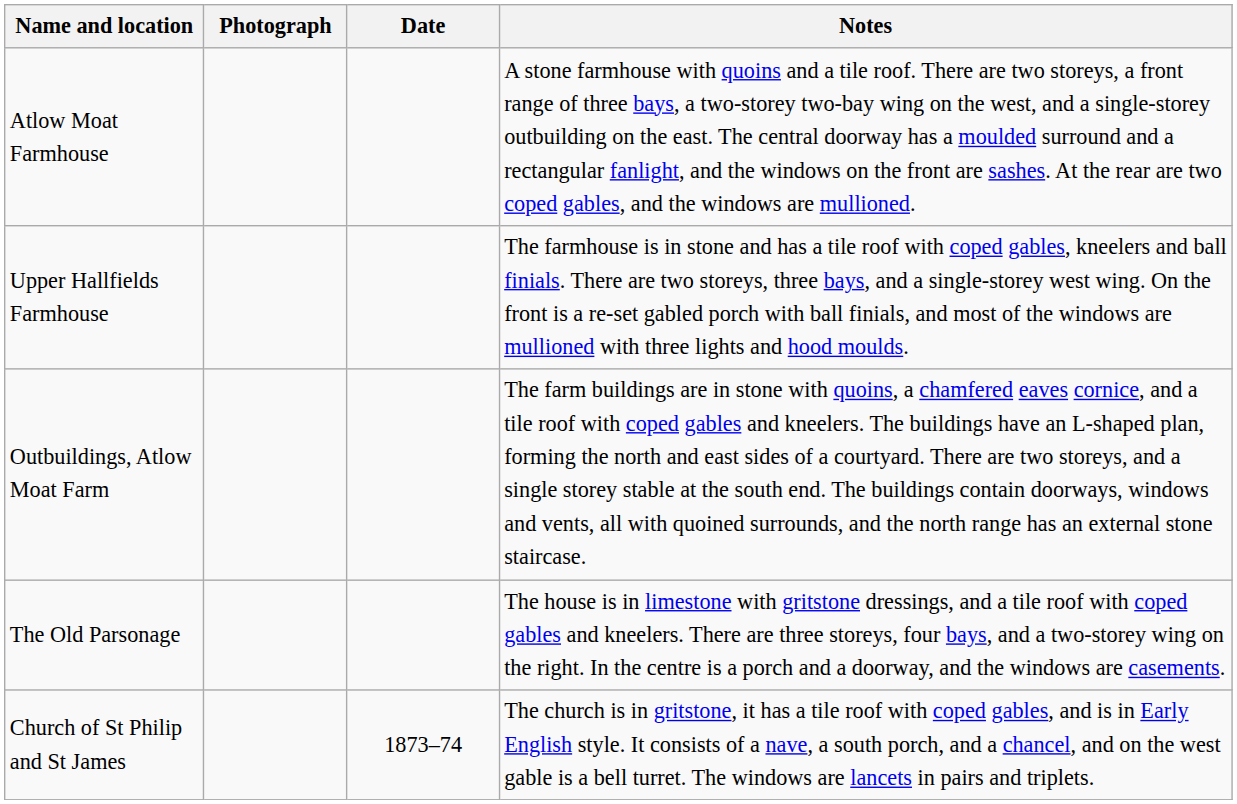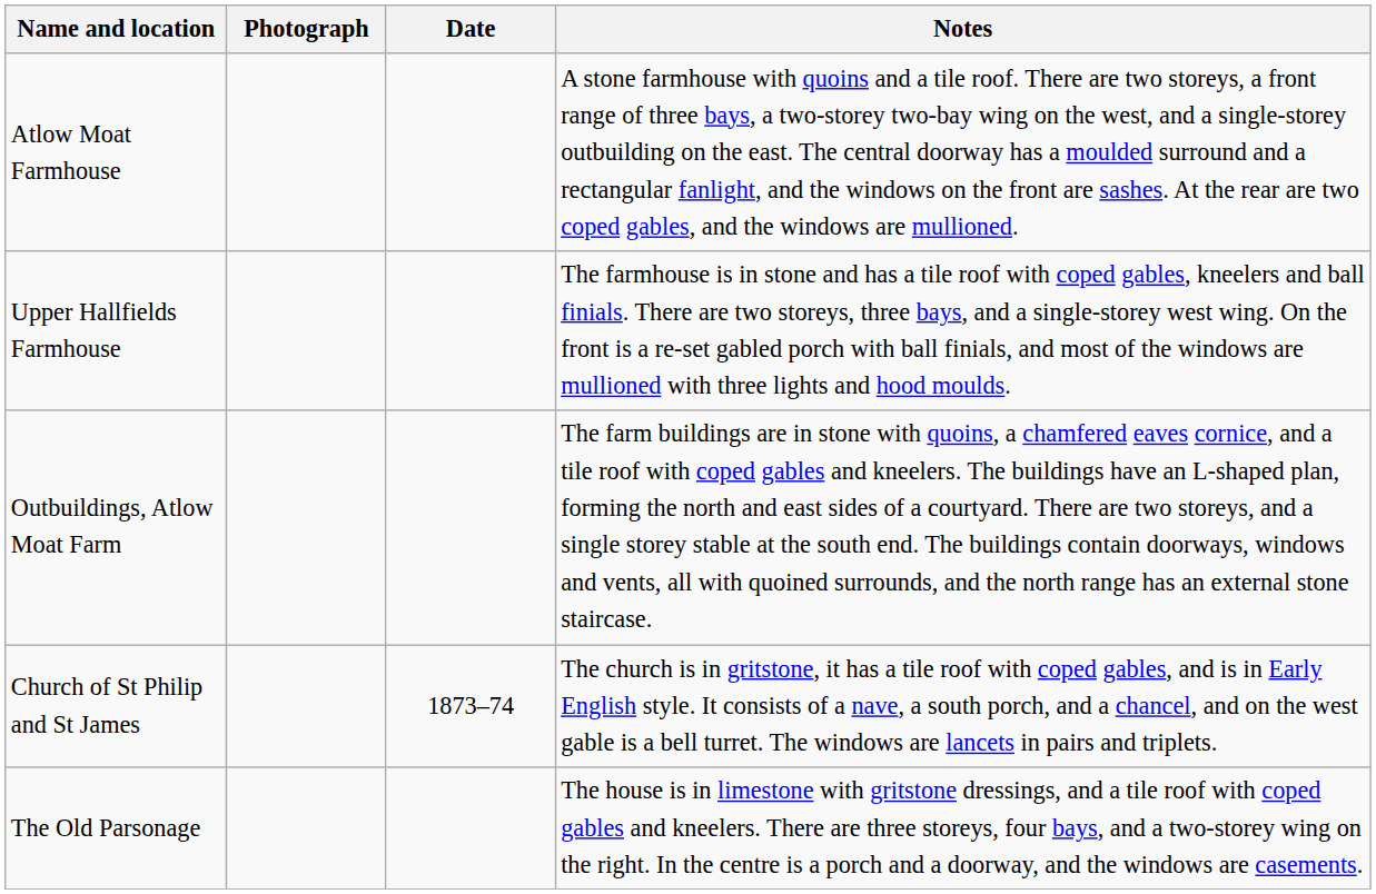 <table class="wikitable sortable plainrowheaders" style="width:100%;border:0px;text-align:left;line-height:150%;">
 <tr>
 <th scope="col"  style="width:150px">Name and location</th>
 <th scope="col"  style="width:100px" class="unsortable">Photograph</th>
 <th scope="col"  style="width:120px">Date</th>
 <th scope="col"  style="width:650px" class="unsortable">Notes</th>
 </tr>
 <tr>
 <td>Atlow Moat Farmhouse<br><small></small></td>
 <td></td>
 <td align="center"></td>
 <td>A stone farmhouse with <a href='#'>quoins</a> and a tile roof.  There are two storeys, a front range of three <a href='#'>bays</a>, a two-storey two-bay wing on the west, and a single-storey outbuilding on the east.  The central doorway has a <a href='#'>moulded</a> surround and a rectangular <a href='#'>fanlight</a>, and the windows on the front are <a href='#'>sashes</a>.  At the rear are two <a href='#'>coped</a> <a href='#'>gables</a>, and the windows are <a href='#'>mullioned</a>.</td>
 </tr>
 <tr>
 <td>Upper Hallfields Farmhouse<br><small></small></td>
 <td></td>
 <td align="center"></td>
 <td>The farmhouse is in stone and has a tile roof with <a href='#'>coped</a> <a href='#'>gables</a>, kneelers and ball <a href='#'>finials</a>.  There are two storeys, three <a href='#'>bays</a>, and a single-storey west wing.  On the front is a re-set gabled porch with ball finials, and most of the windows are <a href='#'>mullioned</a> with three lights and <a href='#'>hood moulds</a>.</td>
 </tr>
 <tr>
 <td>Outbuildings, Atlow Moat Farm<br><small></small></td>
 <td></td>
 <td align="center"></td>
 <td>The farm buildings are in stone with <a href='#'>quoins</a>, a <a href='#'>chamfered</a> <a href='#'>eaves</a> <a href='#'>cornice</a>, and a tile roof with <a href='#'>coped</a> <a href='#'>gables</a> and kneelers.  The buildings have an L-shaped plan, forming the north and east sides of a courtyard.  There are two storeys, and a single storey stable at the south end.  The buildings contain doorways, windows and vents, all with quoined surrounds, and the north range has an external stone staircase.</td>
 </tr>
 <tr>
+<td>Church of St Philip and St James<br><small></small></td>
+<td></td>
+<td align="center">1873–74</td>
+<td>The church is in <a href='#'>gritstone</a>, it has a tile roof with <a href='#'>coped</a> <a href='#'>gables</a>, and is in <a href='#'>Early English</a> style.  It consists of a <a href='#'>nave</a>, a south porch, and a <a href='#'>chancel</a>, and on the west gable is a bell turret.  The windows are <a href='#'>lancets</a> in pairs and triplets.</td>
+</tr>
+<tr>
 <td>The Old Parsonage<br><small></small></td>
 <td></td>
 <td align="center"></td>
 <td>The house is in <a href='#'>limestone</a> with <a href='#'>gritstone</a> dressings, and a tile roof with <a href='#'>coped</a> <a href='#'>gables</a> and kneelers.  There are three storeys, four <a href='#'>bays</a>, and a two-storey wing on the right.  In the centre is a porch and a doorway, and the windows are <a href='#'>casements</a>.</td>
 </tr>
 <tr>
-<td>Church of St Philip and St James<br><small></small></td>
-<td></td>
-<td align="center">1873–74</td>
-<td>The church is in <a href='#'>gritstone</a>, it has a tile roof with <a href='#'>coped</a> <a href='#'>gables</a>, and is in <a href='#'>Early English</a> style.  It consists of a <a href='#'>nave</a>, a south porch, and a <a href='#'>chancel</a>, and on the west gable is a bell turret.  The windows are <a href='#'>lancets</a> in pairs and triplets.</td>
-</tr>
-<tr>
 </tr>
 </table>
